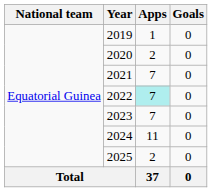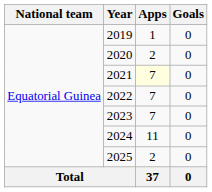 <table class="wikitable" style="text-align:center">
 <tr>
 <th>National team</th>
 <th>Year</th>
 <th>Apps</th>
 <th>Goals</th>
 </tr>
 <tr>
 <td rowspan="7"><a href='#'>Equatorial Guinea</a></td>
 <td>2019</td>
 <td>1</td>
 <td>0</td>
 </tr>
 <tr>
 <td>2020</td>
 <td>2</td>
 <td>0</td>
 </tr>
 <tr>
 <td>2021</td>
-<td>7</td>
+<td style="background: lightyellow;">7</td>
 <td>0</td>
 </tr>
 <tr>
 <td>2022</td>
-<td style="background: paleturquoise;">7</td>
+<td>7</td>
 <td>0</td>
 </tr>
 <tr>
 <td>2023</td>
 <td>7</td>
 <td>0</td>
 </tr>
 <tr>
 <td>2024</td>
 <td>11</td>
 <td>0</td>
 </tr>
 <tr>
 <td>2025</td>
 <td>2</td>
 <td>0</td>
 </tr>
 <tr>
 <th colspan="2">Total</th>
 <th>37</th>
 <th>0</th>
 </tr>
 </table>
